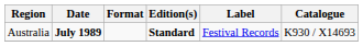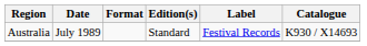 <table class="wikitable plainrowheaders">
 <tr>
 <th scope="col">Region</th>
 <th scope="col">Date</th>
 <th scope="col">Format</th>
 <th scope="col">Edition(s)</th>
 <th scope="col">Label</th>
 <th scope="col">Catalogue</th>
 </tr>
 <tr>
 <td>Australia</td>
-<td><strong>July 1989</strong></td>
+<td>July 1989</td>
 <td></td>
-<td><strong>Standard</strong></td>
+<td>Standard</td>
 <td><a href='#'>Festival Records</a></td>
 <td>K930 / X14693</td>
 </tr>
 <tr>
 </tr>
 </table>
